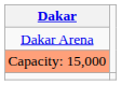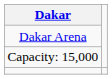 <table class="wikitable" style="text-align:center;">
 <tr>
 <th><a href='#'>Dakar</a></th>
 <td rowspan="3"><br></td>
 </tr>
 <tr>
 <td><a href='#'>Dakar Arena</a></td>
 </tr>
 <tr>
-<td style="background: lightsalmon;">Capacity: 15,000</td>
+<td>Capacity: 15,000</td>
 </tr>
 <tr>
 <td></td>
 </tr>
 </table>
